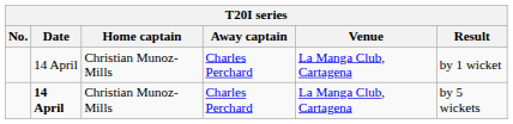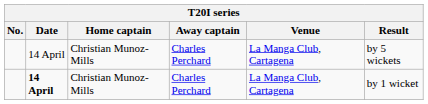 <table class="wikitable">
 <tr>
 <th colspan="6">T20I series</th>
 </tr>
 <tr>
 <th>No.</th>
 <th>Date</th>
 <th>Home captain</th>
 <th>Away captain</th>
 <th>Venue</th>
 <th>Result</th>
 </tr>
 <tr>
 <td></td>
 <td>14 April</td>
 <td>Christian Munoz-Mills</td>
 <td><a href='#'>Charles Perchard</a></td>
 <td><a href='#'>La Manga Club</a>, <a href='#'>Cartagena</a></td>
-<td> by 1 wicket</td>
+<td> by 5 wickets</td>
 </tr>
 <tr>
 <td></td>
 <td><strong>14 April</strong></td>
 <td>Christian Munoz-Mills</td>
 <td><a href='#'>Charles Perchard</a></td>
 <td><a href='#'>La Manga Club</a>, <a href='#'>Cartagena</a></td>
-<td> by 5 wickets</td>
+<td> by 1 wicket</td>
 </tr>
 </table>
